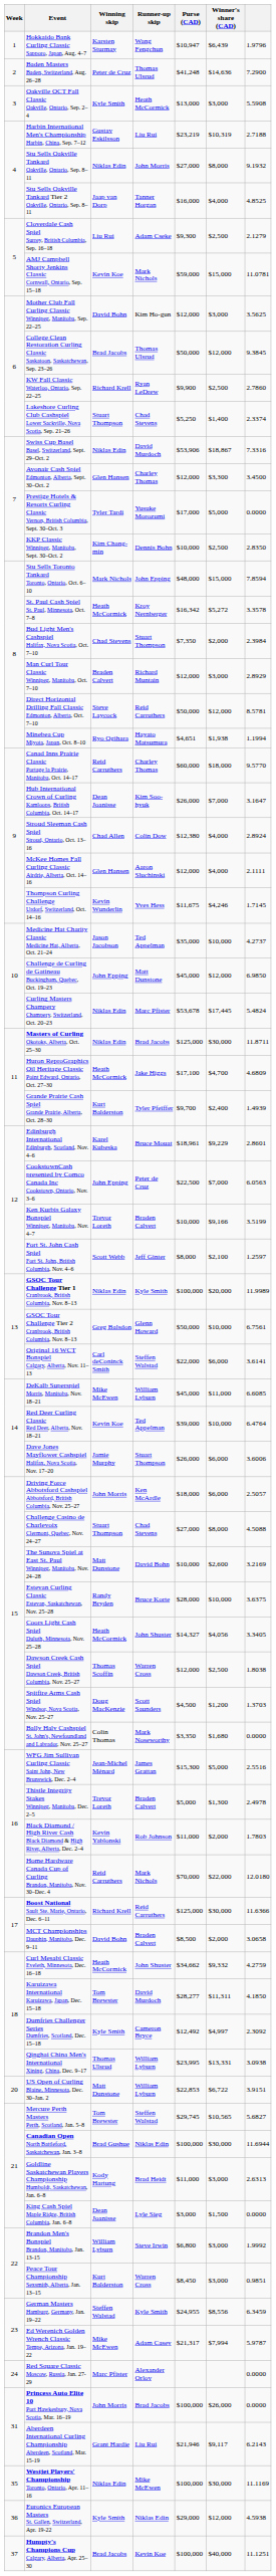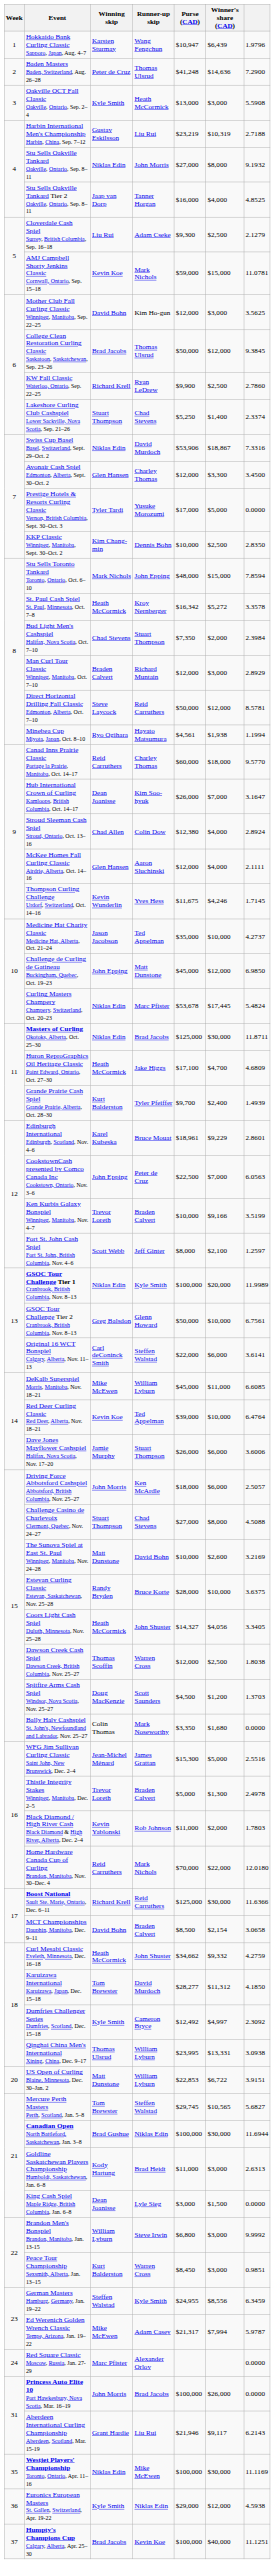 <table class="wikitable sortable" style="margin-right:0; width:97%">
 <tr>
 <th>Week</th>
 <th>Event</th>
 <th>Winning skip</th>
 <th>Runner-up skip</th>
 <th>Purse (<a href='#'>CAD</a>)</th>
 <th>Winner's share (<a href='#'>CAD</a>)</th>
 <th></th>
 </tr>
 <tr>
 <td align=center>1</td>
 <td><a href='#'>Hokkaido Bank Curling Classic</a> <br> <small><a href='#'>Sapporo</a>, <a href='#'>Japan</a>, Aug. 4–7</small></td>
 <td> <a href='#'>Karsten Sturmay</a></td>
 <td> <a href='#'>Wang Fengchun</a></td>
 <td>$10,947</td>
 <td>$6,439</td>
 <td>1.9796</td>
 </tr>
 <tr>
 <td align=center>2</td>
 <td><a href='#'>Baden Masters</a> <br> <small><a href='#'>Baden, Switzerland</a>, Aug. 26–28</small></td>
 <td> <a href='#'>Peter de Cruz</a></td>
 <td> <a href='#'>Thomas Ulsrud</a></td>
 <td>$41,248</td>
 <td>$14,636</td>
 <td>7.2900</td>
 </tr>
 <tr>
 <td align=center>3</td>
 <td><a href='#'>Oakville OCT Fall Classic</a> <br> <small><a href='#'>Oakville</a>, <a href='#'>Ontario</a>, Sep. 2–4</small></td>
 <td> <a href='#'>Kyle Smith</a></td>
 <td> <a href='#'>Heath McCormick</a></td>
 <td>$13,000</td>
 <td>$3,000</td>
 <td>5.5908</td>
 </tr>
 <tr>
 <td align=center rowspan=3>4</td>
 <td><a href='#'>Harbin International Men's Championship</a> <br> <small><a href='#'>Harbin</a>, <a href='#'>China</a>, Sep. 7–12</small></td>
 <td> <a href='#'>Gustav Eskilsson</a></td>
 <td> <a href='#'>Liu Rui</a></td>
 <td>$23,219</td>
 <td>$10,319</td>
 <td>2.7188</td>
 </tr>
 <tr>
 <td><a href='#'>Stu Sells Oakville Tankard</a> <br> <small><a href='#'>Oakville</a>, <a href='#'>Ontario</a>, Sep. 8–11</small></td>
 <td> <a href='#'>Niklas Edin</a></td>
 <td> <a href='#'>John Morris</a></td>
 <td>$27,000</td>
 <td>$8,000</td>
 <td>9.1932</td>
 </tr>
 <tr>
 <td><a href='#'>Stu Sells Oakville Tankard</a> Tier 2 <br> <small><a href='#'>Oakville</a>, <a href='#'>Ontario</a>, Sep. 8–11</small></td>
 <td> <a href='#'>Jaap van Dorp</a></td>
 <td> <a href='#'>Tanner Horgan</a></td>
 <td>$16,000</td>
 <td>$4,000</td>
 <td>4.8525</td>
 </tr>
 <tr>
 <td align=center rowspan=2>5</td>
 <td><a href='#'>Cloverdale Cash Spiel</a> <br> <small><a href='#'>Surrey</a>, <a href='#'>British Columbia</a>, Sep. 16–18</small></td>
 <td> <a href='#'>Liu Rui</a></td>
 <td> <a href='#'>Adam Cseke</a></td>
 <td>$9,300</td>
 <td>$2,500</td>
 <td>2.1279</td>
 </tr>
 <tr>
 <td><a href='#'>AMJ Campbell Shorty Jenkins Classic</a> <br> <small><a href='#'>Cornwall, Ontario</a>, Sep. 15–18</small></td>
 <td> <a href='#'>Kevin Koe</a></td>
 <td> <a href='#'>Mark Nichols</a></td>
 <td>$59,000</td>
 <td>$15,000</td>
 <td>11.0781</td>
 </tr>
 <tr>
 <td align=center rowspan=4>6</td>
 <td><a href='#'>Mother Club Fall Curling Classic</a> <br> <small><a href='#'>Winnipeg</a>, <a href='#'>Manitoba</a>, Sep. 22–25</small></td>
 <td> <a href='#'>David Bohn</a></td>
 <td> Kim Ho-gun</td>
 <td>$12,000</td>
 <td>$3,000</td>
 <td>3.5625</td>
 </tr>
 <tr>
 <td><a href='#'>College Clean Restoration Curling Classic</a> <br> <small><a href='#'>Saskatoon</a>, <a href='#'>Saskatchewan</a>, Sep. 23–26</small></td>
 <td> <a href='#'>Brad Jacobs</a></td>
 <td> <a href='#'>Thomas Ulsrud</a></td>
 <td>$50,000</td>
 <td>$12,000</td>
 <td>9.3845</td>
 </tr>
 <tr>
 <td><a href='#'>KW Fall Classic</a> <br> <small><a href='#'>Waterloo, Ontario</a>, Sep. 22–25</small></td>
 <td> <a href='#'>Richard Krell</a></td>
 <td> <a href='#'>Ryan LeDrew</a></td>
 <td>$9,900</td>
 <td>$2,500</td>
 <td>2.7860</td>
 </tr>
 <tr>
 <td><a href='#'>Lakeshore Curling Club Cashspiel</a> <br> <small><a href='#'>Lower Sackville, Nova Scotia</a>, Sep. 21–26</small></td>
 <td> <a href='#'>Stuart Thompson</a></td>
 <td> <a href='#'>Chad Stevens</a></td>
 <td>$5,250</td>
 <td>$1,400</td>
 <td>2.3374</td>
 </tr>
 <tr>
 <td align=center rowspan=4>7</td>
 <td><a href='#'>Swiss Cup Basel</a> <br> <small><a href='#'>Basel</a>, <a href='#'>Switzerland</a>, Sept. 29–Oct. 2</small></td>
 <td> <a href='#'>Niklas Edin</a></td>
 <td> <a href='#'>David Murdoch</a></td>
 <td>$53,906</td>
 <td>$18,867</td>
 <td>7.3316</td>
 </tr>
 <tr>
 <td><a href='#'>Avonair Cash Spiel</a> <br> <small><a href='#'>Edmonton</a>, <a href='#'>Alberta</a>, Sept. 30–Oct. 2</small></td>
 <td> <a href='#'>Glen Hansen</a></td>
 <td> <a href='#'>Charley Thomas</a></td>
 <td>$12,000</td>
 <td>$3,300</td>
 <td>3.4500</td>
 </tr>
 <tr>
 <td><a href='#'>Prestige Hotels & Resorts Curling Classic</a> <br> <small><a href='#'>Vernon, British Columbia</a>, Sept. 30–Oct. 3</small></td>
 <td> <a href='#'>Tyler Tardi</a></td>
 <td> <a href='#'>Yusuke Morozumi</a></td>
 <td>$17,000</td>
 <td>$5,000</td>
 <td>0.0000</td>
 </tr>
 <tr>
 <td><a href='#'>KKP Classic</a> <br> <small><a href='#'>Winnipeg</a>, <a href='#'>Manitoba</a>, Sept. 30–Oct. 2</small></td>
 <td> <a href='#'>Kim Chang-min</a></td>
 <td> <a href='#'>Dennis Bohn</a></td>
 <td>$10,000</td>
 <td>$2,500</td>
 <td>2.8350</td>
 </tr>
 <tr>
 <td align=center rowspan=6>8</td>
 <td><a href='#'>Stu Sells Toronto Tankard</a> <br> <small><a href='#'>Toronto</a>, <a href='#'>Ontario</a>, Oct. 6–10</small></td>
 <td> <a href='#'>Mark Nichols</a></td>
 <td> <a href='#'>John Epping</a></td>
 <td>$48,000</td>
 <td>$15,000</td>
 <td>7.8594</td>
 </tr>
 <tr>
 <td><a href='#'>St. Paul Cash Spiel</a> <br> <small><a href='#'>St. Paul</a>, <a href='#'>Minnesota</a>, Oct. 7–8</small></td>
 <td> <a href='#'>Heath McCormick</a></td>
 <td> <a href='#'>Kroy Nernberger</a></td>
 <td>$16,342</td>
 <td>$5,272</td>
 <td>3.3578</td>
 </tr>
 <tr>
 <td><a href='#'>Bud Light Men's Cashspiel</a> <br> <small><a href='#'>Halifax, Nova Scotia</a>, Oct. 7–10</small></td>
 <td> <a href='#'>Chad Stevens</a></td>
 <td> <a href='#'>Stuart Thompson</a></td>
 <td>$7,350</td>
 <td>$2,000</td>
 <td>2.3984</td>
 </tr>
 <tr>
 <td><a href='#'>Man Curl Tour Classic</a> <br> <small><a href='#'>Winnipeg</a>, <a href='#'>Manitoba</a>, Oct. 7–10</small></td>
 <td> <a href='#'>Braden Calvert</a></td>
 <td> <a href='#'>Richard Muntain</a></td>
 <td>$12,000</td>
 <td>$3,000</td>
 <td>2.8929</td>
 </tr>
 <tr>
 <td><a href='#'>Direct Horizontal Drilling Fall Classic</a> <br> <small><a href='#'>Edmonton</a>, <a href='#'>Alberta</a>, Oct. 7–10</small></td>
 <td> <a href='#'>Steve Laycock</a></td>
 <td> <a href='#'>Reid Carruthers</a></td>
 <td>$50,000</td>
 <td>$12,000</td>
 <td>8.5781</td>
 </tr>
 <tr>
 <td><a href='#'>Minebea Cup</a>  <br> <small><a href='#'>Miyota</a>, <a href='#'>Japan</a>, Oct. 8–10</small></td>
 <td> <a href='#'>Ryo Ogihara</a></td>
 <td> <a href='#'>Hayato Matsumura</a></td>
-<td>$4,651</td>
+<td>$4,561</td>
 <td>$1,938</td>
 <td>1.1994</td>
 </tr>
 <tr>
 <td align=center rowspan=5>9</td>
 <td><a href='#'>Canad Inns Prairie Classic</a> <br> <small><a href='#'>Portage la Prairie</a>, <a href='#'>Manitoba</a>, Oct. 14–17</small></td>
 <td> <a href='#'>Reid Carruthers</a></td>
 <td> <a href='#'>Charley Thomas</a></td>
 <td>$60,000</td>
 <td>$18,000</td>
 <td>9.5770</td>
 </tr>
 <tr>
 <td><a href='#'>Hub International Crown of Curling</a> <br> <small><a href='#'>Kamloops</a>, <a href='#'>British Columbia</a>, Oct. 14–17</small></td>
 <td> <a href='#'>Dean Joanisse</a></td>
 <td> <a href='#'>Kim Soo-hyuk</a></td>
 <td>$26,000</td>
 <td>$7,000</td>
 <td>3.1647</td>
 </tr>
 <tr>
 <td><a href='#'>Stroud Sleeman Cash Spiel</a> <br> <small><a href='#'>Stroud, Ontario</a>, Oct. 13–16</small></td>
 <td> <a href='#'>Chad Allen</a></td>
 <td> <a href='#'>Colin Dow</a></td>
 <td>$12,380</td>
 <td>$4,000</td>
 <td>2.8924</td>
 </tr>
 <tr>
 <td><a href='#'>McKee Homes Fall Curling Classic</a> <br> <small><a href='#'>Airdrie, Alberta</a>, Oct. 14–16</small></td>
 <td> <a href='#'>Glen Hansen</a></td>
 <td> <a href='#'>Aaron Sluchinski</a></td>
 <td>$12,000</td>
 <td>$4,000</td>
 <td>2.1111</td>
 </tr>
 <tr>
 <td><a href='#'>Thompson Curling Challenge</a> <br> <small><a href='#'>Urdorf</a>, <a href='#'>Switzerland</a>, Oct. 14–16</small></td>
 <td> <a href='#'>Kevin Wunderlin</a></td>
 <td> <a href='#'>Yves Hess</a></td>
 <td>$11,675</td>
 <td>$4,246</td>
 <td>1.7145</td>
 </tr>
 <tr>
 <td align=center rowspan=3>10</td>
 <td><a href='#'>Medicine Hat Charity Classic</a> <br> <small><a href='#'>Medicine Hat, Alberta</a>, Oct. 21–24</small></td>
 <td> <a href='#'>Jason Jacobson</a></td>
 <td> <a href='#'>Ted Appelman</a></td>
 <td>$35,000</td>
 <td>$10,000</td>
 <td>4.2737</td>
 </tr>
 <tr>
 <td><a href='#'>Challenge de Curling de Gatineau</a> <br> <small><a href='#'>Buckingham, Quebec</a>, Oct. 19–23</small></td>
 <td> <a href='#'>John Epping</a></td>
 <td> <a href='#'>Matt Dunstone</a></td>
 <td>$45,000</td>
 <td>$12,000</td>
 <td>6.9850</td>
 </tr>
 <tr>
 <td><a href='#'>Curling Masters Champery</a> <br> <small><a href='#'>Champery</a>, <a href='#'>Switzerland</a>, Oct. 20–23</small></td>
 <td> <a href='#'>Niklas Edin</a></td>
 <td> <a href='#'>Marc Pfister</a></td>
 <td>$53,678</td>
 <td>$17,445</td>
 <td>5.4824</td>
 </tr>
 <tr>
 <td align=center rowspan=3>11</td>
 <td><strong><a href='#'>Masters of Curling</a></strong> <br> <small><a href='#'>Okotoks, Alberta</a>, Oct. 25–30</small></td>
 <td> <a href='#'>Niklas Edin</a></td>
 <td> <a href='#'>Brad Jacobs</a></td>
 <td>$125,000</td>
 <td>$30,000</td>
 <td>11.8711</td>
 </tr>
 <tr>
 <td><a href='#'>Huron ReproGraphics Oil Heritage Classic</a> <br> <small><a href='#'>Point Edward, Ontario</a>, Oct. 27–30</small></td>
 <td> <a href='#'>Heath McCormick</a></td>
 <td> <a href='#'>Jake Higgs</a></td>
 <td>$17,100</td>
 <td>$4,700</td>
 <td>4.6809</td>
 </tr>
 <tr>
 <td><a href='#'>Grande Prairie Cash Spiel</a> <br> <small><a href='#'>Grande Prairie, Alberta</a>, Oct. 28–30</small></td>
 <td> <a href='#'>Kurt Balderston</a></td>
 <td> <a href='#'>Tyler Pfeiffer</a></td>
 <td>$9,700</td>
 <td>$2,400</td>
 <td>1.4939</td>
 </tr>
 <tr>
 <td align=center rowspan=4>12</td>
 <td><a href='#'>Edinburgh International</a> <br> <small><a href='#'>Edinburgh</a>, <a href='#'>Scotland</a>, Nov. 4–6</small></td>
 <td> <a href='#'>Karel Kubeska</a></td>
 <td> <a href='#'>Bruce Mouat</a></td>
 <td>$18,961</td>
 <td>$9,229</td>
 <td>2.8601</td>
 </tr>
 <tr>
 <td><a href='#'>CookstownCash presented by Comco Canada Inc</a> <br> <small><a href='#'>Cookstown, Ontario</a>, Nov. 3–6</small></td>
 <td> <a href='#'>John Epping</a></td>
 <td> <a href='#'>Peter de Cruz</a></td>
 <td>$22,500</td>
 <td>$7,000</td>
 <td>6.0563</td>
 </tr>
 <tr>
 <td><a href='#'>Ken Kurbis Galaxy Bonspiel</a> <br> <small><a href='#'>Winnipeg</a>, <a href='#'>Manitoba</a>, Nov. 4–7</small></td>
 <td> <a href='#'>Trevor Loreth</a></td>
 <td> <a href='#'>Braden Calvert</a></td>
 <td>$10,000</td>
 <td>$9,166</td>
 <td>3.5199</td>
 </tr>
 <tr>
 <td><a href='#'>Fort St. John Cash Spiel</a> <br> <small><a href='#'>Fort St. John, British Columbia</a>, Nov. 4–6</small></td>
 <td> <a href='#'>Scott Webb</a></td>
 <td> <a href='#'>Jeff Ginter</a></td>
 <td>$8,000</td>
 <td>$2,100</td>
 <td>1.2597</td>
 </tr>
 <tr>
 <td align=center rowspan=3>13</td>
 <td><strong><a href='#'>GSOC Tour Challenge</a> Tier 1</strong> <br> <small><a href='#'>Cranbrook, British Columbia</a>, Nov. 8–13</small></td>
 <td> <a href='#'>Niklas Edin</a></td>
 <td> <a href='#'>Kyle Smith</a></td>
 <td>$100,000</td>
 <td>$20,000</td>
 <td>11.9989</td>
 </tr>
 <tr>
 <td><a href='#'>GSOC Tour Challenge</a> Tier 2<br> <small><a href='#'>Cranbrook, British Columbia</a>, Nov. 8–13</small></td>
 <td> <a href='#'>Greg Balsdon</a></td>
 <td> <a href='#'>Glenn Howard</a></td>
 <td>$50,000</td>
 <td>$10,000</td>
 <td>6.7561</td>
 </tr>
 <tr>
 <td><a href='#'>Original 16 WCT Bonspiel</a><br> <small><a href='#'>Calgary</a>, <a href='#'>Alberta</a>, Nov. 11–13</small></td>
 <td> <a href='#'>Carl deConinck Smith</a></td>
 <td> <a href='#'>Steffen Walstad</a></td>
 <td>$22,000</td>
 <td>$6,000</td>
 <td>3.6141</td>
 </tr>
 <tr>
 <td align=center rowspan=3>14</td>
 <td><a href='#'>DeKalb Superspiel</a> <br> <small><a href='#'>Morris</a>, <a href='#'>Manitoba</a>, Nov. 18–21</small></td>
 <td> <a href='#'>Mike McEwen</a></td>
 <td> <a href='#'>William Lyburn</a></td>
 <td>$45,000</td>
 <td>$11,000</td>
 <td>6.6085</td>
 </tr>
 <tr>
 <td><a href='#'>Red Deer Curling Classic</a> <br> <small><a href='#'>Red Deer</a>, <a href='#'>Alberta</a>, Nov. 18–21</small></td>
 <td> <a href='#'>Kevin Koe</a></td>
 <td> <a href='#'>Ted Appelman</a></td>
 <td>$39,000</td>
 <td>$10,000</td>
 <td>6.4764</td>
 </tr>
 <tr>
 <td><a href='#'>Dave Jones Mayflower Cashspiel</a> <br> <small><a href='#'>Halifax, Nova Scotia</a>, Nov. 17–20</small></td>
 <td> <a href='#'>Jamie Murphy</a></td>
 <td> <a href='#'>Stuart Thompson</a></td>
 <td>$26,000</td>
 <td>$6,000</td>
 <td>3.6006</td>
 </tr>
 <tr>
 <td align=center rowspan=8>15</td>
 <td><a href='#'>Driving Force Abbotsford Cashspiel</a>  <br> <small><a href='#'>Abbotsford, British Columbia</a>, Nov. 25–27</small></td>
 <td> <a href='#'>John Morris</a></td>
 <td> <a href='#'>Ken McArdle</a></td>
 <td>$18,000</td>
 <td>$6,000</td>
 <td>2.5057</td>
 </tr>
 <tr>
 <td><a href='#'>Challenge Casino de Charlevoix</a>  <br> <small><a href='#'>Clermont, Quebec</a>, Nov. 24–27</small></td>
 <td> <a href='#'>Stuart Thompson</a></td>
 <td> <a href='#'>Chad Stevens</a></td>
 <td>$27,000</td>
 <td>$8,000</td>
 <td>4.5088</td>
 </tr>
 <tr>
 <td><a href='#'>The Sunova Spiel at East St. Paul</a>  <br> <small><a href='#'>Winnipeg</a>, <a href='#'>Manitoba</a>, Nov. 24–28</small></td>
 <td> <a href='#'>Matt Dunstone</a></td>
 <td> <a href='#'>David Bohn</a></td>
 <td>$10,000</td>
 <td>$2,600</td>
 <td>3.2169</td>
 </tr>
 <tr>
 <td><a href='#'>Estevan Curling Classic</a>  <br> <small><a href='#'>Estevan, Saskatchewan</a>, Nov. 25–28</small></td>
 <td> <a href='#'>Randy Bryden</a></td>
 <td> <a href='#'>Bruce Korte</a></td>
 <td>$28,000</td>
 <td>$10,000</td>
 <td>3.6375</td>
 </tr>
 <tr>
 <td><a href='#'>Coors Light Cash Spiel</a>  <br> <small><a href='#'>Duluth, Minnesota</a>, Nov. 25–28</small></td>
 <td> <a href='#'>Heath McCormick</a></td>
 <td> <a href='#'>John Shuster</a></td>
 <td>$14,327</td>
 <td>$4,056</td>
 <td>3.3405</td>
 </tr>
 <tr>
 <td><a href='#'>Dawson Creek Cash Spiel</a>  <br> <small><a href='#'>Dawson Creek, British Columbia</a>, Nov. 25–27</small></td>
 <td> <a href='#'>Thomas Scoffin</a></td>
 <td> <a href='#'>Warren Cross</a></td>
 <td>$12,000</td>
 <td>$2,500</td>
 <td>1.8038</td>
 </tr>
 <tr>
 <td><a href='#'>Spitfire Arms Cash Spiel</a><br> <small><a href='#'>Windsor, Nova Scotia</a>, Nov. 25–27</small></td>
 <td> <a href='#'>Doug MacKenzie</a></td>
 <td> <a href='#'>Scott Saunders</a></td>
 <td>$4,500</td>
 <td>$1,200</td>
 <td>1.3703</td>
 </tr>
 <tr>
 <td><a href='#'>Bally Haly Cashspiel</a><br> <small><a href='#'>St. John's, Newfoundland and Labrador</a>, Nov. 25–27</small></td>
 <td> Colin Thomas</td>
 <td> <a href='#'>Mark Noseworthy</a></td>
 <td>$3,350</td>
 <td>$1,680</td>
 <td>0.0000</td>
 </tr>
 <tr>
 <td align=center rowspan=4>16</td>
 <td><a href='#'>WFG Jim Sullivan Curling Classic</a> <br> <small><a href='#'>Saint John, New Brunswick</a>, Dec. 2–4</small></td>
 <td> <a href='#'>Jean-Michel Ménard</a></td>
 <td> <a href='#'>James Grattan</a></td>
 <td>$15,300</td>
 <td>$5,000</td>
 <td>2.5516</td>
 </tr>
 <tr>
 <td><a href='#'>Thistle Integrity Stakes</a> <br> <small><a href='#'>Winnipeg</a>, <a href='#'>Manitoba</a>, Dec. 2–5</small></td>
 <td> <a href='#'>Trevor Loreth</a></td>
 <td> <a href='#'>Braden Calvert</a></td>
 <td>$5,000</td>
 <td>$1,300</td>
 <td>2.4978</td>
 </tr>
 <tr>
 <td><a href='#'>Black Diamond / High River Cash</a> <br> <small><a href='#'>Black Diamond</a> & <a href='#'>High River, Alberta</a>, Dec. 2–4</small></td>
 <td> <a href='#'>Kevin Yablonski</a></td>
 <td> <a href='#'>Rob Johnson</a></td>
 <td>$11,000</td>
 <td>$2,000</td>
 <td>1.7803</td>
 </tr>
 <tr>
 <td><a href='#'>Home Hardware Canada Cup of Curling</a> <br> <small><a href='#'>Brandon, Manitoba</a>, Nov. 30–Dec. 4</small></td>
 <td> <a href='#'>Reid Carruthers</a></td>
 <td> <a href='#'>Mark Nichols</a></td>
 <td>$70,000</td>
 <td>$22,000</td>
 <td>12.0180</td>
 </tr>
 <tr>
 <td align=center rowspan=2>17</td>
 <td><strong><a href='#'>Boost National</a></strong> <br> <small><a href='#'>Sault Ste. Marie, Ontario</a>, Dec. 6–11</small></td>
 <td> <a href='#'>Richard Krell</a></td>
 <td> <a href='#'>Reid Carruthers</a></td>
 <td>$125,000</td>
 <td>$30,000</td>
 <td>11.6366</td>
 </tr>
 <tr>
 <td><a href='#'>MCT Championships</a> <br> <small><a href='#'>Dauphin, Manitoba</a>, Dec. 9–11</small></td>
 <td> <a href='#'>David Bohn</a></td>
 <td> <a href='#'>Braden Calvert</a></td>
 <td>$8,500</td>
-<td>$2,000</td>
+<td>$2,154</td>
 <td>3.0658</td>
 </tr>
 <tr>
 <td align=center rowspan=4>18</td>
 <td><a href='#'>Curl Mesabi Classic</a> <br> <small><a href='#'>Eveleth, Minnesota</a>, Dec. 16–18</small></td>
 <td> <a href='#'>Heath McCormick</a></td>
 <td> <a href='#'>John Shuster</a></td>
 <td>$34,662</td>
 <td>$9,332</td>
 <td>4.2759</td>
 </tr>
 <tr>
 <td><a href='#'>Karuizawa International</a> <br> <small><a href='#'>Karuizawa</a>, <a href='#'>Japan</a>, Dec. 15–18</small></td>
 <td> <a href='#'>Tom Brewster</a></td>
 <td> <a href='#'>David Murdoch</a></td>
 <td>$28,277</td>
-<td>$11,311</td>
+<td>$11,312</td>
 <td>4.1850</td>
 </tr>
 <tr>
 <td><a href='#'>Dumfries Challenger Series</a> <br> <small><a href='#'>Dumfries</a>, <a href='#'>Scotland</a>, Dec. 15–18</small></td>
 <td> <a href='#'>Kyle Smith</a></td>
 <td> <a href='#'>Cameron Bryce</a></td>
 <td>$12,492</td>
 <td>$4,997</td>
 <td>2.3092</td>
 </tr>
 <tr>
 <td><a href='#'>Qinghai China Men's International</a> <br> <small><a href='#'>Xining</a>, <a href='#'>China</a>, Dec. 9–17</small></td>
 <td> <a href='#'>Thomas Ulsrud</a></td>
 <td> <a href='#'>William Lyburn</a></td>
 <td>$23,995</td>
 <td>$13,331</td>
 <td>3.0938</td>
 </tr>
 <tr>
 <td align=center>20</td>
 <td><a href='#'>US Open of Curling</a> <br> <small><a href='#'>Blaine, Minnesota</a>, Dec. 30–Jan. 2</small></td>
 <td> <a href='#'>Matt Dunstone</a></td>
 <td> <a href='#'>William Lyburn</a></td>
 <td>$22,853</td>
 <td>$6,722</td>
 <td>3.9151</td>
 </tr>
 <tr>
 <td align=center rowspan=4>21</td>
 <td><a href='#'>Mercure Perth Masters</a> <br> <small><a href='#'>Perth</a>, <a href='#'>Scotland</a>, Jan. 5–8</small></td>
 <td> <a href='#'>Tom Brewster</a></td>
 <td> <a href='#'>Steffen Walstad</a></td>
 <td>$29,745</td>
 <td>$10,565</td>
 <td>5.6827</td>
 </tr>
 <tr>
 <td><strong><a href='#'>Canadian Open</a></strong> <br> <small><a href='#'>North Battleford, Saskatchewan</a>, Jan. 3–8</small></td>
 <td> <a href='#'>Brad Gushue</a></td>
 <td> <a href='#'>Niklas Edin</a></td>
 <td>$100,000</td>
 <td>$30,000</td>
 <td>11.6944</td>
 </tr>
 <tr>
 <td><a href='#'>Goldline Saskatchewan Players Championship</a> <br> <small><a href='#'>Humboldt, Saskatchewan</a>, Jan. 6–8</small></td>
 <td> <a href='#'>Kody Hartung</a></td>
 <td> <a href='#'>Brad Heidt</a></td>
 <td>$11,000</td>
 <td>$3,000</td>
 <td>2.6313</td>
 </tr>
 <tr>
 <td><a href='#'>King Cash Spiel</a> <br> <small><a href='#'>Maple Ridge, British Columbia</a>, Jan. 6–8</small></td>
 <td> <a href='#'>Dean Joanisse</a></td>
 <td> <a href='#'>Lyle Sieg</a></td>
 <td>$3,000</td>
 <td>$1,500</td>
 <td>0.0000</td>
 </tr>
 <tr>
 <td align=center rowspan=2>22</td>
 <td><a href='#'>Brandon Men's Bonspiel</a><br><small><a href='#'>Brandon, Manitoba</a>, Jan. 13-15</small></td>
 <td> <a href='#'>William Lyburn</a></td>
 <td> <a href='#'>Steve Irwin</a></td>
 <td>$6,800</td>
 <td>$3,000</td>
-<td>1.9992</td>
+<td>9.9992</td>
 </tr>
 <tr>
 <td><a href='#'>Peace Tour Championship</a> <br> <small><a href='#'>Sexsmith, Alberta</a>, Jan. 13–15</small></td>
 <td> <a href='#'>Kurt Balderston</a></td>
 <td> <a href='#'>Warren Cross</a></td>
 <td>$8,450</td>
 <td>$3,000</td>
 <td>0.9851</td>
 </tr>
 <tr>
 <td align=center rowspan=2>23</td>
 <td><a href='#'>German Masters</a> <br> <small><a href='#'>Hamburg</a>, <a href='#'>Germany</a>, Jan. 19–22</small></td>
 <td> <a href='#'>Steffen Walstad</a></td>
 <td> <a href='#'>Kyle Smith</a></td>
 <td>$24,955</td>
 <td>$8,556</td>
 <td>6.3459</td>
 </tr>
 <tr>
 <td><a href='#'>Ed Werenich Golden Wrench Classic</a> <br> <small><a href='#'>Tempe, Arizona</a>, Jan. 19–22</small></td>
 <td> <a href='#'>Mike McEwen</a></td>
 <td> <a href='#'>Adam Casey</a></td>
 <td>$21,317</td>
 <td>$7,994</td>
 <td>5.9787</td>
 </tr>
 <tr>
 <td align=center>24</td>
 <td><a href='#'>Red Square Classic</a><br><small><a href='#'>Moscow</a>, <a href='#'>Russia</a>, Jan. 27-29</small></td>
 <td> <a href='#'>Marc Pfister</a></td>
 <td> <a href='#'>Alexander Orlov</a></td>
 <td></td>
 <td></td>
 <td>0.0000</td>
 </tr>
 <tr>
 <td align=center rowspan=2>31</td>
 <td><strong><a href='#'>Princess Auto Elite 10</a></strong> <br> <small><a href='#'>Port Hawkesbury, Nova Scotia</a>, Mar. 16–19</small></td>
 <td> <a href='#'>John Morris</a></td>
 <td> <a href='#'>Brad Jacobs</a></td>
 <td>$100,000</td>
 <td>$26,000</td>
 <td>0.0000</td>
 </tr>
 <tr>
 <td><a href='#'>Aberdeen International Curling Championship</a><br><small><a href='#'>Aberdeen</a>, <a href='#'>Scotland</a>, Mar. 15-19</small></td>
 <td> <a href='#'>Grant Hardie</a></td>
 <td> <a href='#'>Liu Rui</a></td>
 <td>$21,946</td>
 <td>$9,117</td>
 <td>6.2143</td>
 </tr>
 <tr>
 <td align=center>35</td>
 <td><strong><a href='#'>Westjet Players' Championship</a></strong> <br> <small><a href='#'>Toronto</a>, <a href='#'>Ontario</a>, Apr. 11–16</small></td>
 <td> <a href='#'>Niklas Edin</a></td>
 <td> <a href='#'>Mike McEwen</a></td>
 <td>$100,000</td>
 <td>$30,000</td>
 <td>11.1169</td>
 </tr>
 <tr>
 <td align=center>36</td>
 <td><a href='#'>Euronics European Masters</a><br><small><a href='#'>St. Gallen</a>, <a href='#'>Switzerland</a>, Apr. 19-22</small></td>
 <td> <a href='#'>Kyle Smith</a></td>
 <td> <a href='#'>Niklas Edin</a></td>
 <td>$29,000</td>
 <td>$12,000</td>
 <td>4.5938</td>
 </tr>
 <tr>
 <td align=center>37</td>
 <td><strong><a href='#'>Humpty's Champions Cup</a></strong> <br> <small><a href='#'>Calgary</a>, <a href='#'>Alberta</a>, Apr. 25–30</small></td>
 <td> <a href='#'>Brad Jacobs</a></td>
 <td> <a href='#'>Kevin Koe</a></td>
 <td>$100,000</td>
 <td>$40,000</td>
 <td>11.1251</td>
 </tr>
 </table>
